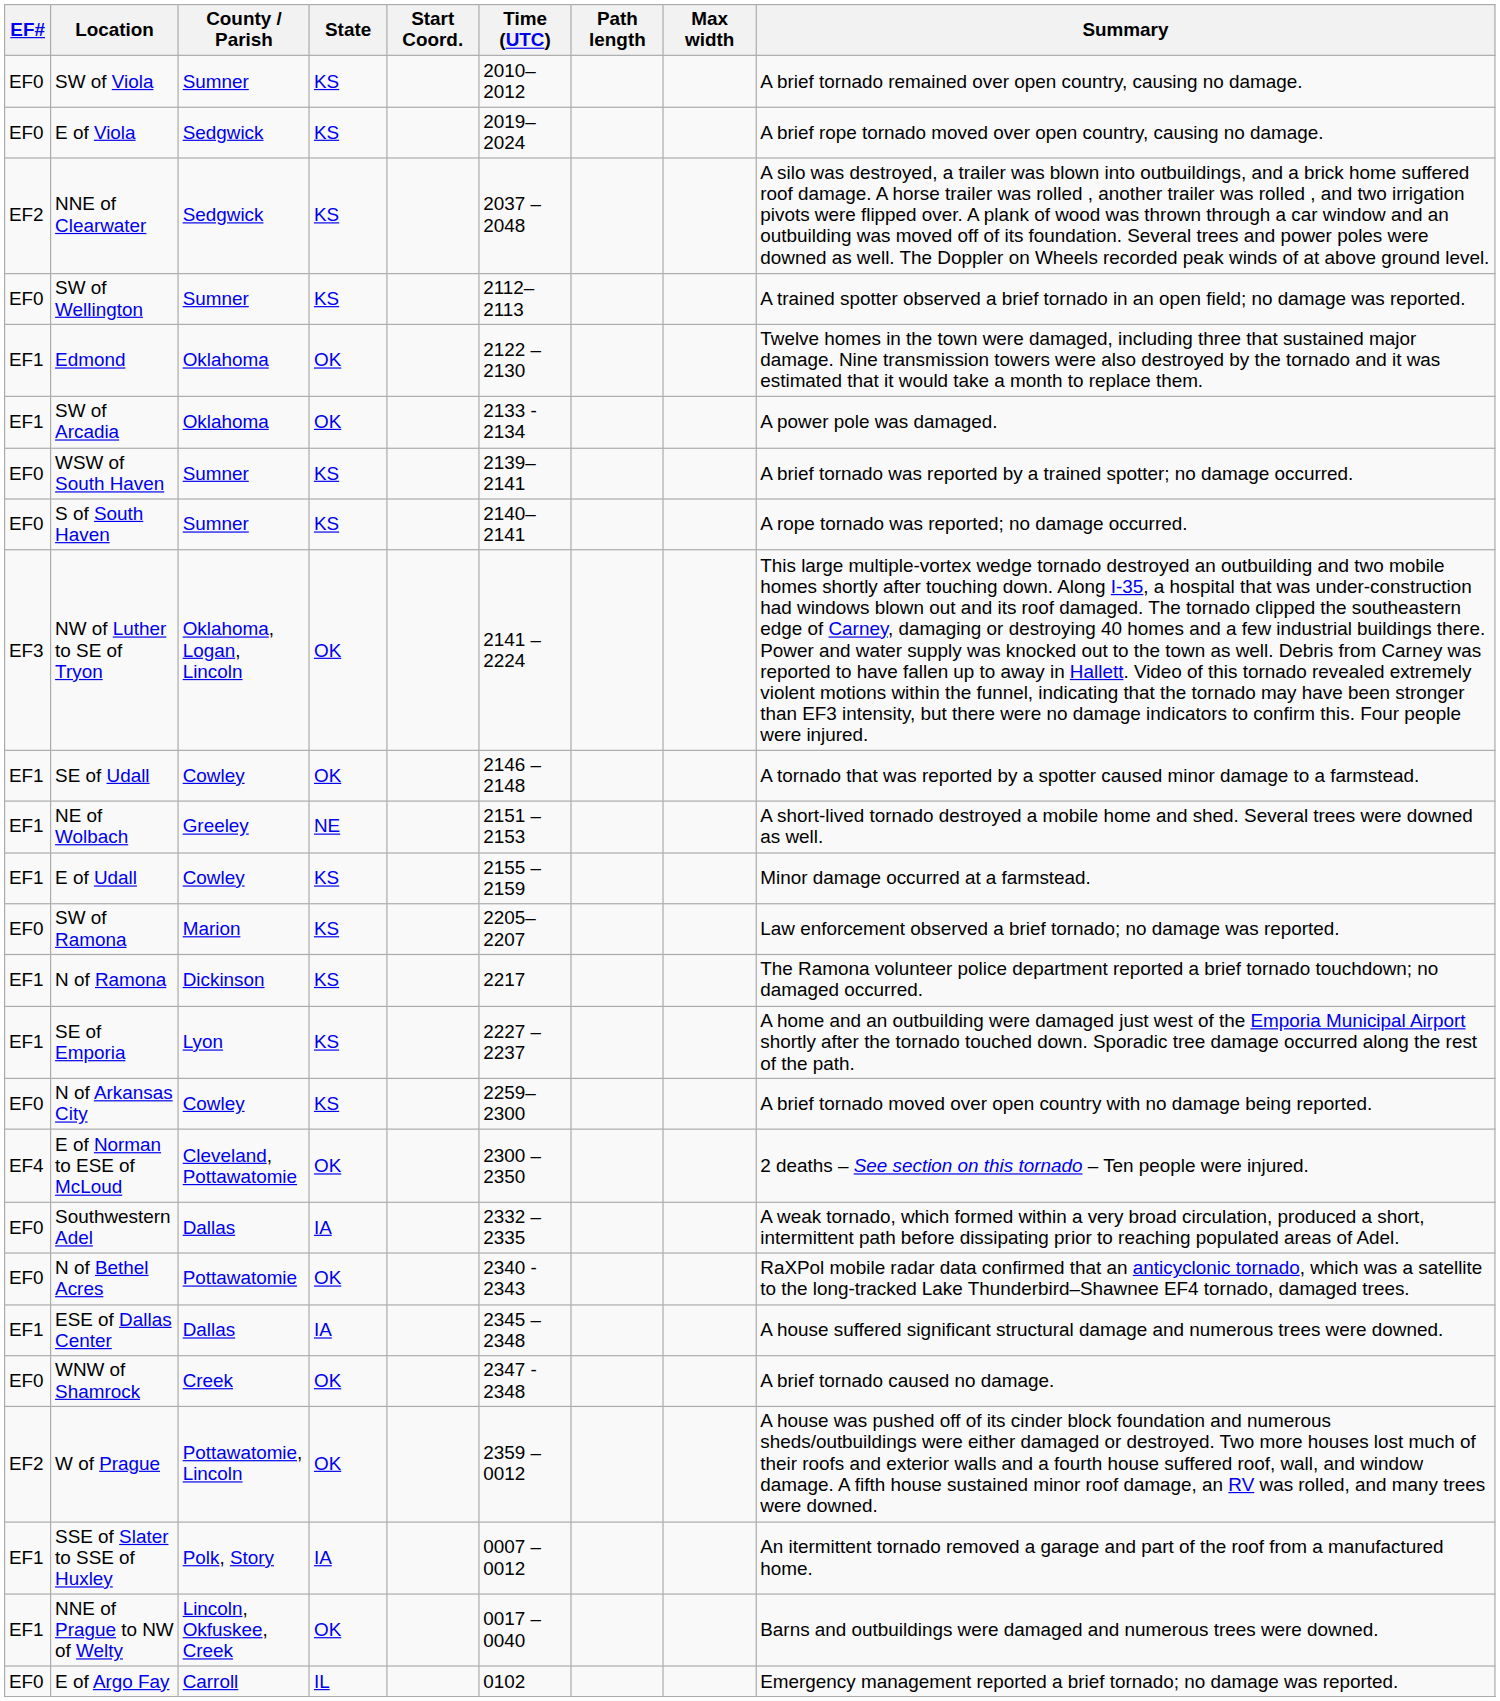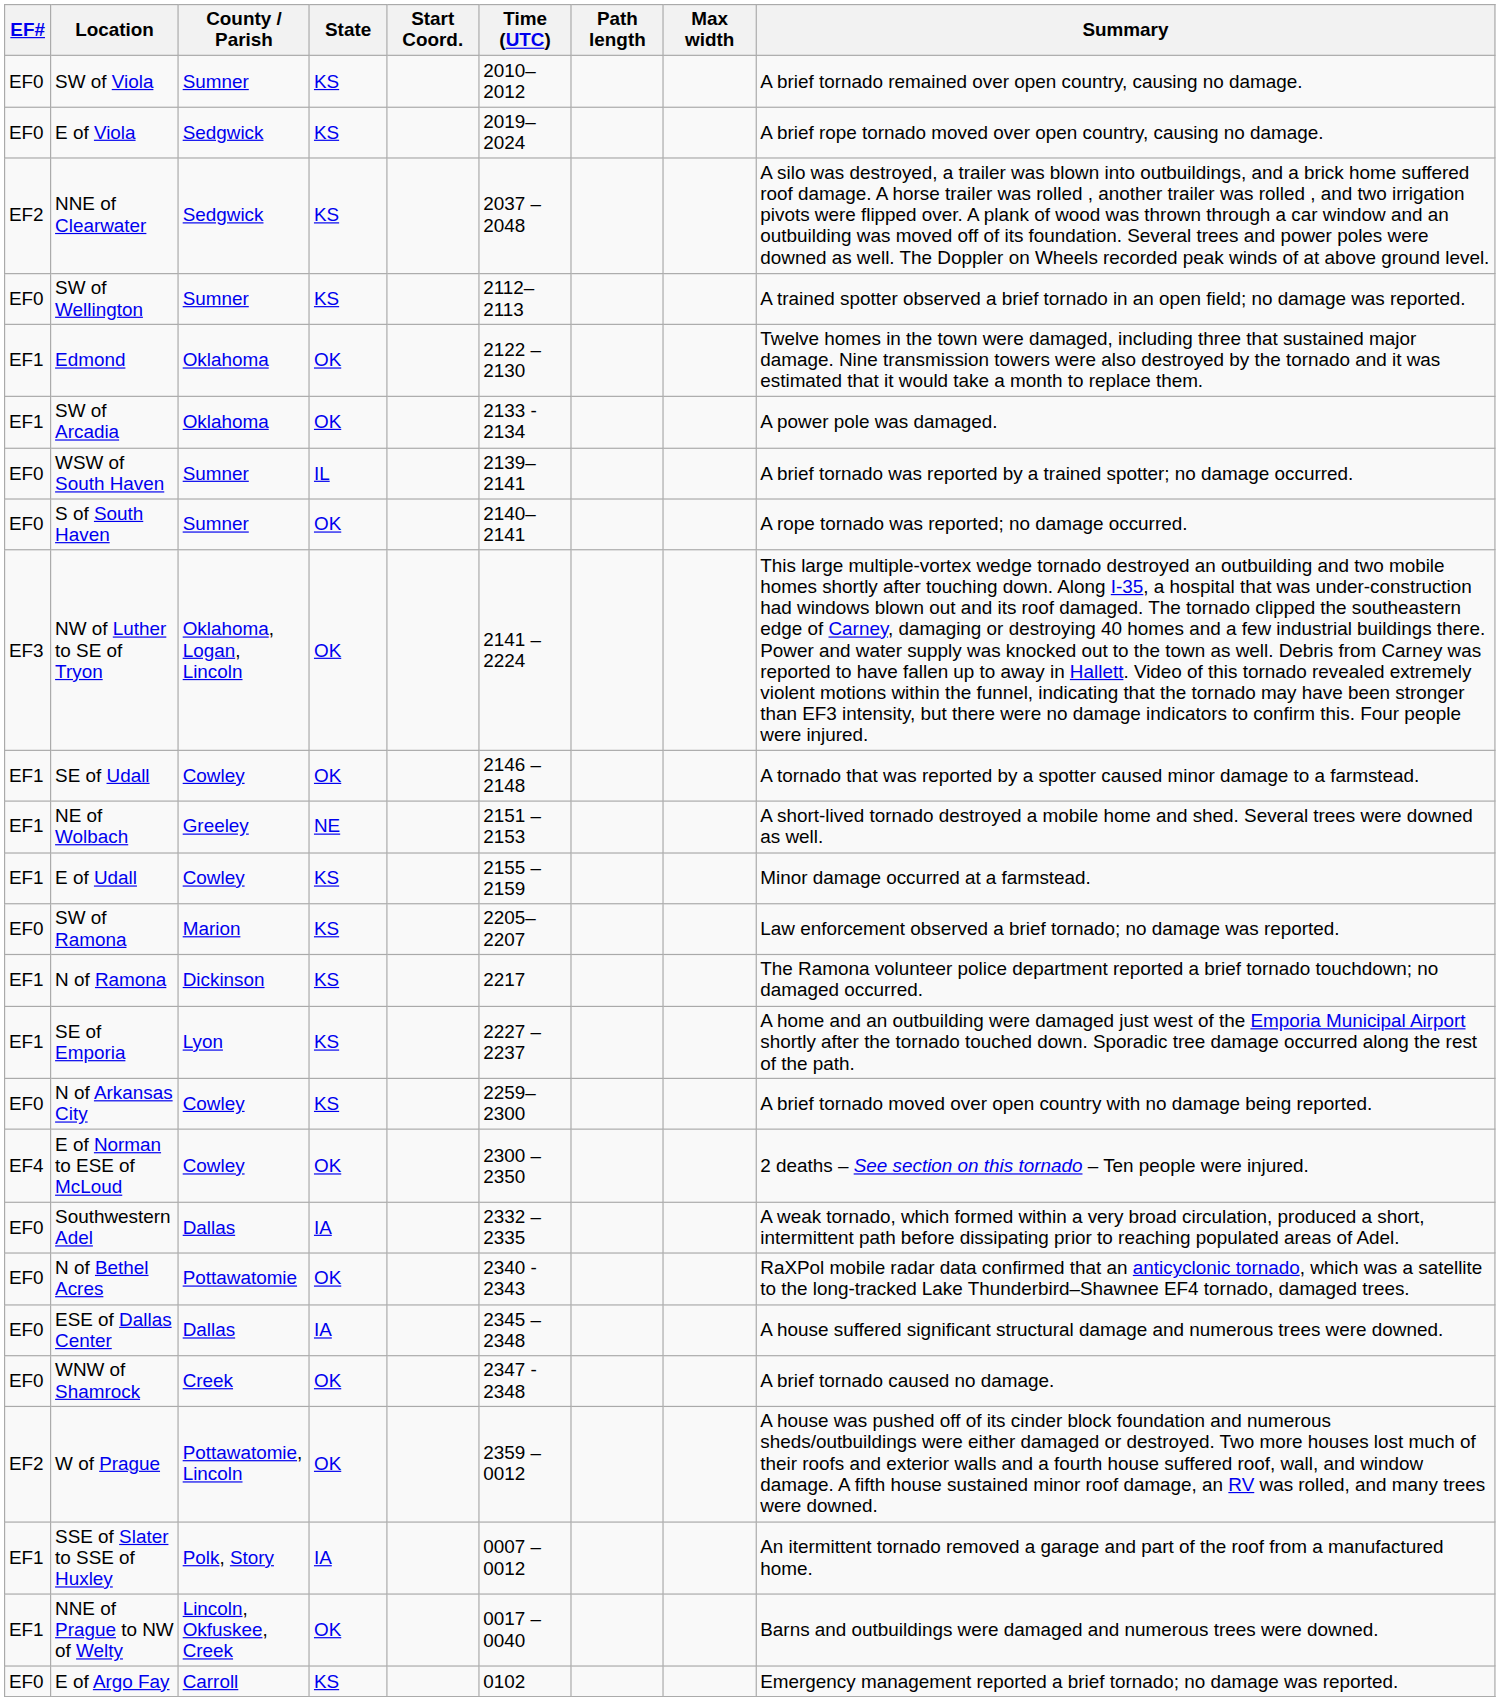 <table class="wikitable sortable" style="width:100%;">
 <tr>
 <th scope="col" width="3%" align="center"><a href='#'>EF#</a></th>
 <th scope="col" width="7%" align="center" class="unsortable">Location</th>
 <th scope="col" width="6%" align="center" class="unsortable">County / Parish</th>
 <th scope="col" width="5%" align="center">State</th>
 <th scope="col" width="6%" align="center">Start Coord.</th>
 <th scope="col" width="6%" align="center">Time (<a href='#'>UTC</a>)</th>
 <th scope="col" width="6%" align="center">Path length</th>
 <th scope="col" width="6%" align="center">Max width</th>
 <th scope="col" width="48%" class="unsortable" align="center">Summary</th>
 </tr>
 <tr>
 <td>EF0</td>
 <td>SW of <a href='#'>Viola</a></td>
 <td><a href='#'>Sumner</a></td>
 <td><a href='#'>KS</a></td>
 <td></td>
 <td>2010–2012</td>
 <td></td>
 <td></td>
 <td>A brief tornado remained over open country, causing no damage.</td>
 </tr>
 <tr>
 <td>EF0</td>
 <td>E of <a href='#'>Viola</a></td>
 <td><a href='#'>Sedgwick</a></td>
 <td><a href='#'>KS</a></td>
 <td></td>
 <td>2019–2024</td>
 <td></td>
 <td></td>
 <td>A brief rope tornado moved over open country, causing no damage.</td>
 </tr>
 <tr>
 <td>EF2</td>
 <td>NNE of <a href='#'>Clearwater</a></td>
 <td><a href='#'>Sedgwick</a></td>
 <td><a href='#'>KS</a></td>
 <td></td>
 <td>2037 – 2048</td>
 <td></td>
 <td></td>
 <td>A silo was destroyed, a trailer was blown into outbuildings, and a brick home suffered roof damage. A  horse trailer was rolled , another trailer was rolled , and two irrigation pivots were flipped over. A plank of wood was thrown through a car window and an outbuilding was moved off of its foundation. Several trees and power poles were downed as well. The Doppler on Wheels recorded peak winds of  at  above ground level.</td>
 </tr>
 <tr>
 <td>EF0</td>
 <td>SW of <a href='#'>Wellington</a></td>
 <td><a href='#'>Sumner</a></td>
 <td><a href='#'>KS</a></td>
 <td></td>
 <td>2112–2113</td>
 <td></td>
 <td></td>
 <td>A trained spotter observed a brief tornado in an open field; no damage was reported.</td>
 </tr>
 <tr>
 <td>EF1</td>
 <td><a href='#'>Edmond</a></td>
 <td><a href='#'>Oklahoma</a></td>
 <td><a href='#'>OK</a></td>
 <td></td>
 <td>2122 – 2130</td>
 <td></td>
 <td></td>
 <td>Twelve homes in the town were damaged, including three that sustained major damage. Nine transmission towers were also destroyed by the tornado and it was estimated that it would take a month to replace them.</td>
 </tr>
 <tr>
 <td>EF1</td>
 <td>SW of <a href='#'>Arcadia</a></td>
 <td><a href='#'>Oklahoma</a></td>
 <td><a href='#'>OK</a></td>
 <td></td>
 <td>2133 - 2134</td>
 <td></td>
 <td></td>
 <td>A power pole was damaged.</td>
 </tr>
 <tr>
 <td>EF0</td>
 <td>WSW of <a href='#'>South Haven</a></td>
 <td><a href='#'>Sumner</a></td>
-<td><a href='#'>KS</a></td>
+<td><a href='#'>IL</a></td>
 <td></td>
 <td>2139–2141</td>
 <td></td>
 <td></td>
 <td>A brief tornado was reported by a trained spotter; no damage occurred.</td>
 </tr>
 <tr>
 <td>EF0</td>
 <td>S of <a href='#'>South Haven</a></td>
 <td><a href='#'>Sumner</a></td>
-<td><a href='#'>KS</a></td>
+<td><a href='#'>OK</a></td>
 <td></td>
 <td>2140–2141</td>
 <td></td>
 <td></td>
 <td>A rope tornado was reported; no damage occurred.</td>
 </tr>
 <tr>
 <td>EF3</td>
 <td>NW of <a href='#'>Luther</a> to SE of <a href='#'>Tryon</a></td>
 <td><a href='#'>Oklahoma</a>, <a href='#'>Logan</a>, <a href='#'>Lincoln</a></td>
 <td><a href='#'>OK</a></td>
 <td></td>
 <td>2141 – 2224</td>
 <td></td>
 <td></td>
 <td>This large multiple-vortex wedge tornado destroyed an outbuilding and two mobile homes shortly after touching down. Along <a href='#'>I-35</a>, a hospital that was under-construction had windows blown out and its roof damaged. The tornado clipped the southeastern edge of <a href='#'>Carney</a>, damaging or destroying 40 homes and a few industrial buildings there. Power and water supply was knocked out to the town as well. Debris from Carney was reported to have fallen up to  away in <a href='#'>Hallett</a>. Video of this tornado revealed extremely violent motions within the funnel, indicating that the tornado may have been stronger than EF3 intensity, but there were no damage indicators to confirm this. Four people were injured.</td>
 </tr>
 <tr>
 <td>EF1</td>
 <td>SE of <a href='#'>Udall</a></td>
 <td><a href='#'>Cowley</a></td>
 <td><a href='#'>OK</a></td>
 <td></td>
 <td>2146 – 2148</td>
 <td></td>
 <td></td>
 <td>A tornado that was reported by a spotter caused minor damage to a farmstead.</td>
 </tr>
 <tr>
 <td>EF1</td>
 <td>NE of <a href='#'>Wolbach</a></td>
 <td><a href='#'>Greeley</a></td>
 <td><a href='#'>NE</a></td>
 <td></td>
 <td>2151 – 2153</td>
 <td></td>
 <td></td>
 <td>A short-lived tornado destroyed a mobile home and shed. Several trees were downed as well.</td>
 </tr>
 <tr>
 <td>EF1</td>
 <td>E of <a href='#'>Udall</a></td>
 <td><a href='#'>Cowley</a></td>
 <td><a href='#'>KS</a></td>
 <td></td>
 <td>2155 – 2159</td>
 <td></td>
 <td></td>
 <td>Minor damage occurred at a farmstead.</td>
 </tr>
 <tr>
 <td>EF0</td>
 <td>SW of <a href='#'>Ramona</a></td>
 <td><a href='#'>Marion</a></td>
 <td><a href='#'>KS</a></td>
 <td></td>
 <td>2205–2207</td>
 <td></td>
 <td></td>
 <td>Law enforcement observed a brief tornado; no damage was reported.</td>
 </tr>
 <tr>
 <td>EF1</td>
 <td>N of <a href='#'>Ramona</a></td>
 <td><a href='#'>Dickinson</a></td>
 <td><a href='#'>KS</a></td>
 <td></td>
 <td>2217</td>
 <td></td>
 <td></td>
 <td>The Ramona volunteer police department reported a brief tornado touchdown; no damaged occurred.</td>
 </tr>
 <tr>
 <td>EF1</td>
 <td>SE of <a href='#'>Emporia</a></td>
 <td><a href='#'>Lyon</a></td>
 <td><a href='#'>KS</a></td>
 <td></td>
 <td>2227 – 2237</td>
 <td></td>
 <td></td>
 <td>A home and an outbuilding were damaged just west of the <a href='#'>Emporia Municipal Airport</a> shortly after the tornado touched down. Sporadic tree damage occurred along the rest of the path.</td>
 </tr>
 <tr>
 <td>EF0</td>
 <td>N of <a href='#'>Arkansas City</a></td>
 <td><a href='#'>Cowley</a></td>
 <td><a href='#'>KS</a></td>
 <td></td>
 <td>2259–2300</td>
 <td></td>
 <td></td>
 <td>A brief tornado moved over open country with no damage being reported.</td>
 </tr>
 <tr>
 <td>EF4</td>
 <td>E of <a href='#'>Norman</a> to ESE of <a href='#'>McLoud</a></td>
-<td><a href='#'>Cleveland</a>, <a href='#'>Pottawatomie</a></td>
+<td><a href='#'>Cowley</a></td>
 <td><a href='#'>OK</a></td>
 <td></td>
 <td>2300 – 2350</td>
 <td></td>
 <td></td>
 <td>2 deaths – <em><a href='#'>See section on this tornado</a></em> – Ten people were injured.</td>
 </tr>
 <tr>
 <td>EF0</td>
 <td>Southwestern <a href='#'>Adel</a></td>
 <td><a href='#'>Dallas</a></td>
 <td><a href='#'>IA</a></td>
 <td></td>
 <td>2332 – 2335</td>
 <td></td>
 <td></td>
 <td>A weak tornado, which formed within a very broad circulation, produced a short, intermittent path before dissipating prior to reaching populated areas of Adel.</td>
 </tr>
 <tr>
 <td>EF0</td>
 <td>N of <a href='#'>Bethel Acres</a></td>
 <td><a href='#'>Pottawatomie</a></td>
 <td><a href='#'>OK</a></td>
 <td></td>
 <td>2340 - 2343</td>
 <td></td>
 <td></td>
 <td>RaXPol mobile radar data confirmed that an <a href='#'>anticyclonic tornado</a>, which was a satellite to the long-tracked Lake Thunderbird–Shawnee EF4 tornado, damaged trees.</td>
 </tr>
 <tr>
-<td>EF1</td>
+<td>EF0</td>
 <td>ESE of <a href='#'>Dallas Center</a></td>
 <td><a href='#'>Dallas</a></td>
 <td><a href='#'>IA</a></td>
 <td></td>
 <td>2345 – 2348</td>
 <td></td>
 <td></td>
 <td>A house suffered significant structural damage and numerous trees were downed.</td>
 </tr>
 <tr>
 <td>EF0</td>
 <td>WNW of <a href='#'>Shamrock</a></td>
 <td><a href='#'>Creek</a></td>
 <td><a href='#'>OK</a></td>
 <td></td>
 <td>2347 - 2348</td>
 <td></td>
 <td></td>
 <td>A brief tornado caused no damage.</td>
 </tr>
 <tr>
 <td>EF2</td>
 <td>W of <a href='#'>Prague</a></td>
 <td><a href='#'>Pottawatomie</a>, <a href='#'>Lincoln</a></td>
 <td><a href='#'>OK</a></td>
 <td></td>
 <td>2359 – 0012</td>
 <td></td>
 <td></td>
 <td>A house was pushed off of its cinder block foundation and numerous sheds/outbuildings were either damaged or destroyed. Two more houses lost much of their roofs and exterior walls and a fourth house suffered roof, wall, and window damage. A fifth house sustained minor roof damage, an <a href='#'>RV</a> was rolled, and many trees were downed.</td>
 </tr>
 <tr>
 <td>EF1</td>
 <td>SSE of <a href='#'>Slater</a> to SSE of <a href='#'>Huxley</a></td>
 <td><a href='#'>Polk</a>, <a href='#'>Story</a></td>
 <td><a href='#'>IA</a></td>
 <td></td>
 <td>0007 – 0012</td>
 <td></td>
 <td></td>
 <td>An itermittent tornado removed a garage and part of the roof from a manufactured home.</td>
 </tr>
 <tr>
 <td>EF1</td>
 <td>NNE of <a href='#'>Prague</a> to NW of <a href='#'>Welty</a></td>
 <td><a href='#'>Lincoln</a>, <a href='#'>Okfuskee</a>, <a href='#'>Creek</a></td>
 <td><a href='#'>OK</a></td>
 <td></td>
 <td>0017 – 0040</td>
 <td></td>
 <td></td>
 <td>Barns and outbuildings were damaged and numerous trees were downed.</td>
 </tr>
 <tr>
 <td>EF0</td>
 <td>E of <a href='#'>Argo Fay</a></td>
 <td><a href='#'>Carroll</a></td>
-<td><a href='#'>IL</a></td>
+<td><a href='#'>KS</a></td>
 <td></td>
 <td>0102</td>
 <td></td>
 <td></td>
 <td>Emergency management reported a brief tornado; no damage was reported.</td>
 </tr>
 <tr>
 </tr>
 </table>
